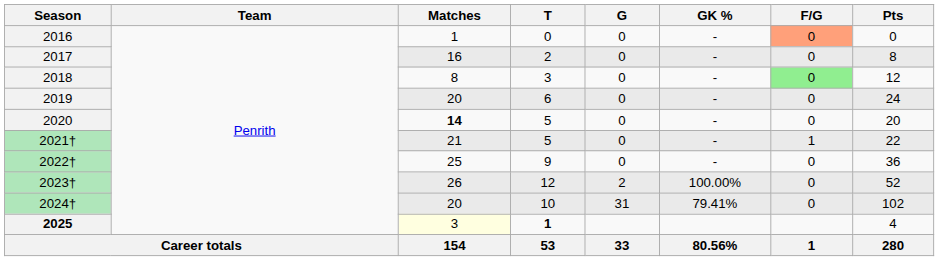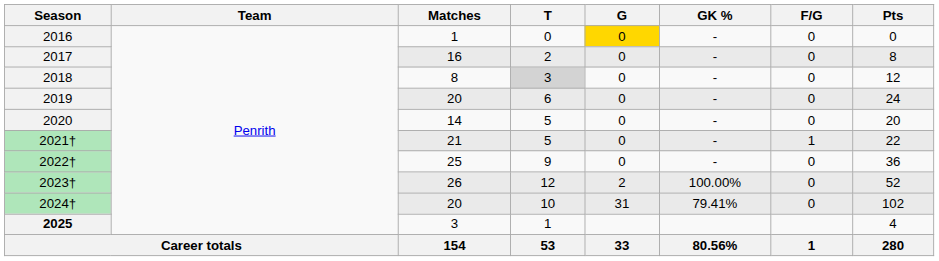 <table class="wikitable sortable" style="font-size:90%; text-align:center; width:80%;">
 <tr>
 <th width="2%">Season</th>
 <th width="8%">Team</th>
 <th width="2%">Matches</th>
 <th width="2%">T</th>
 <th width="2%">G</th>
 <th width=2%>GK %</th>
 <th width="2%">F/G</th>
 <th width="2%">Pts</th>
 </tr>
 <tr>
 <th scope="row" style="text-align:center; font-weight:normal">2016</th>
 <td rowspan="10"> <a href='#'>Penrith</a></td>
 <td>1</td>
 <td>0</td>
+<td style="background: gold;">0</td>
+<td>-</td>
 <td>0</td>
-<td>-</td>
-<td style="background: lightsalmon;">0</td>
 <td>0</td>
 </tr>
 <tr style="background:#eaeaea;">
 <th scope="row" style="text-align:center; font-weight:normal">2017</th>
 <td>16</td>
 <td>2</td>
 <td>0</td>
 <td>-</td>
 <td>0</td>
 <td>8</td>
 </tr>
 <tr>
 <th scope="row" style="text-align:center; font-weight:normal">2018</th>
 <td>8</td>
-<td>3</td>
+<td style="background: lightgrey;">3</td>
 <td>0</td>
 <td>-</td>
-<td style="background: lightgreen;">0</td>
+<td>0</td>
 <td>12</td>
 </tr>
 <tr style="background:#eaeaea;">
 <th scope="row" style="text-align:center; font-weight:normal">2019</th>
 <td>20</td>
 <td>6</td>
 <td>0</td>
 <td>-</td>
 <td>0</td>
 <td>24</td>
 </tr>
 <tr>
 <th scope="row" style="text-align:center; font-weight:normal">2020</th>
-<td><strong>14</strong></td>
+<td>14</td>
 <td>5</td>
 <td>0</td>
 <td>-</td>
 <td>0</td>
 <td>20</td>
 </tr>
 <tr style="background:#eaeaea;">
 <th scope="row" style="text-align:center; font-weight:normal; background:#afe6ba;">2021†</th>
 <td>21</td>
 <td>5</td>
 <td>0</td>
 <td>-</td>
 <td>1</td>
 <td>22</td>
 </tr>
 <tr>
 <th scope="row" style="text-align:center; font-weight:normal; background:#afe6ba;">2022†</th>
 <td>25</td>
 <td>9</td>
 <td>0</td>
 <td>-</td>
 <td>0</td>
 <td>36</td>
 </tr>
 <tr style="background:#eaeaea;">
 <th scope="row" style="text-align:center; font-weight:normal; background:#afe6ba;">2023†</th>
 <td>26</td>
 <td>12</td>
 <td>2</td>
 <td>100.00%</td>
 <td>0</td>
 <td>52</td>
 </tr>
 <tr style="background:#eaeaea">
 <th scope="row" style="text-align:center; font-weight:normal; background:#afe6ba;">2024†</th>
 <td>20</td>
 <td>10</td>
 <td>31</td>
 <td>79.41%</td>
 <td>0</td>
 <td>102</td>
 </tr>
 <tr>
 <th>2025</th>
-<td style="background: lightyellow;">3</td>
-<td><strong>1</strong></td>
+<td>3</td>
+<td>1</td>
 <td></td>
 <td></td>
 <td></td>
 <td>4</td>
 </tr>
 <tr class="sortbottom">
 <th colspan="2">Career totals</th>
 <th>154</th>
 <th>53</th>
 <th>33</th>
 <th>80.56%</th>
 <th>1</th>
 <th>280</th>
 </tr>
 </table>
